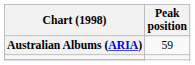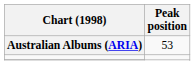 <table class="wikitable sortable plainrowheaders" style="text-align:center">
 <tr>
 <th scope="col">Chart (1998)</th>
 <th scope="col">Peak <br>position</th>
 </tr>
 <tr>
 <th scope="row">Australian Albums (<a href='#'>ARIA</a>)</th>
-<td>59</td>
+<td>53</td>
 </tr>
 <tr>
 <td></td>
 </tr>
 <tr>
 </tr>
 </table>
